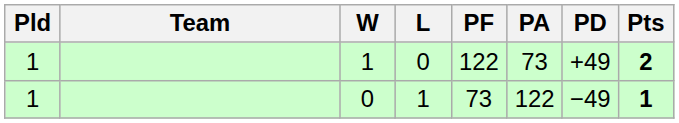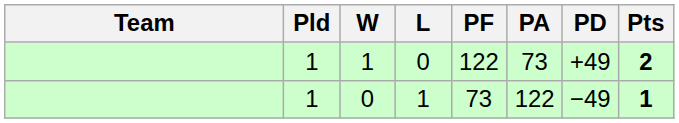 <table class=wikitable style="text-align:center">
 <tr>
+<th width=180>Team</th>
 <th width=30>Pld</th>
-<th width=180>Team</th>
 <th width=30>W</th>
 <th width=30>L</th>
 <th width=30>PF</th>
 <th width=30>PA</th>
 <th width=30>PD</th>
 <th width=30>Pts</th>
 </tr>
 <tr style=background:#ccffcc>
+<td style="text-align:left"></td>
 <td>1</td>
-<td style="text-align:left"></td>
 <td>1</td>
 <td>0</td>
 <td>122</td>
 <td>73</td>
 <td>+49</td>
 <td><strong>2</strong></td>
 </tr>
 <tr style=background:#ccffcc>
+<td style="text-align:left"></td>
 <td>1</td>
-<td style="text-align:left"></td>
 <td>0</td>
 <td>1</td>
 <td>73</td>
 <td>122</td>
 <td>−49</td>
 <td><strong>1</strong></td>
 </tr>
 </table>
